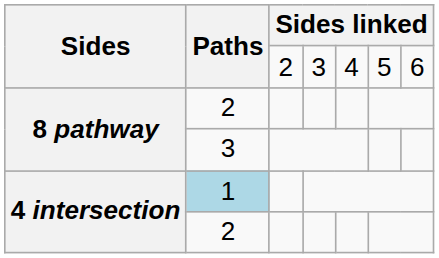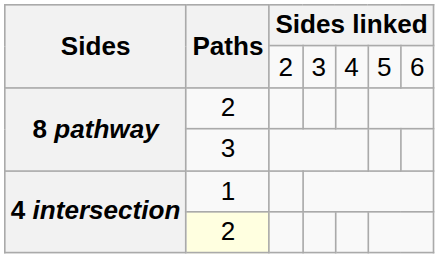 <table class=wikitable style="font-size:100%;text-align:center;">
 <tr>
 <th rowspan=2>Sides</th>
 <th rowspan=2>Paths</th>
 <th colspan=5>Sides linked</th>
 </tr>
 <tr>
 <td>2</td>
 <td>3</td>
 <td>4</td>
 <td>5</td>
 <td>6</td>
 </tr>
 <tr>
 <th rowspan=2>8 <em>pathway</em></th>
 <td>2</td>
 <td> </td>
 <td> </td>
 <td> </td>
 <td colspan=2> </td>
 </tr>
 <tr>
 <td>3</td>
 <td colspan=3> </td>
 <td> </td>
 <td> </td>
 </tr>
 <tr>
 <th rowspan=2>4 <em>intersection</em></th>
-<td style="background: lightblue;">1</td>
+<td>1</td>
 <td> </td>
 <td colspan=4> </td>
 </tr>
 <tr>
-<td>2</td>
+<td style="background: lightyellow;">2</td>
 <td> </td>
 <td></td>
 <td></td>
 <td colspan=2> </td>
 </tr>
 </table>
